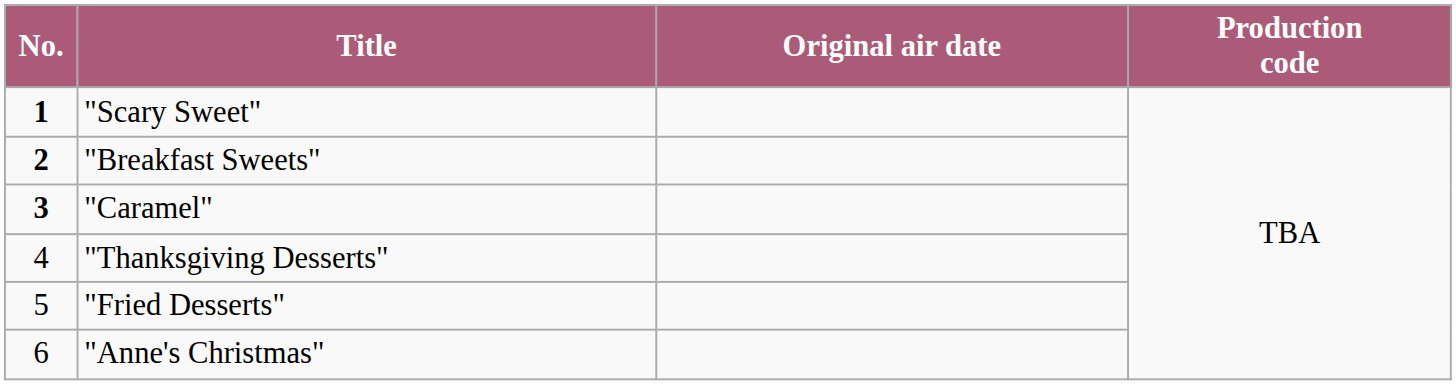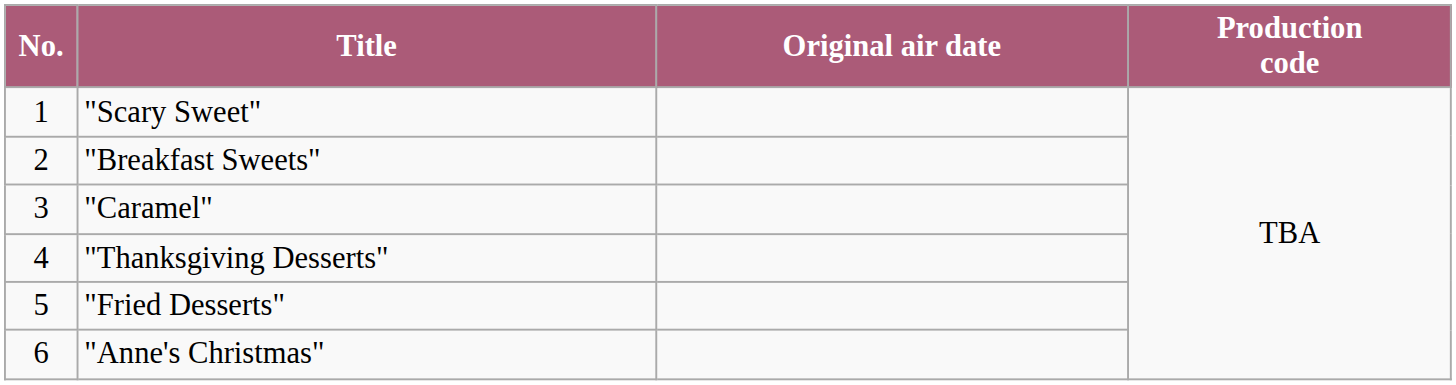 <table class="wikitable plainrowheaders" style="width:60%;">
 <tr>
 <th style="background-color: #ab5b78; color: #FFFFFF;" width=5%>No.</th>
 <th style="background-color: #ab5b78; color: #FFFFFF;" width=40%>Title</th>
 <th style="background-color: #ab5b78; color: #FFFFFF;">Original air date</th>
 <th style="background-color: #ab5b78; color: #FFFFFF;">Production<br>code</th>
 </tr>
 <tr>
-<td align=center><strong>1</strong></td>
+<td align=center>1</td>
 <td>"Scary Sweet"</td>
 <td align=center></td>
 <td align=center rowspan=6>TBA</td>
 </tr>
 <tr>
-<td align=center><strong>2</strong></td>
+<td align=center>2</td>
 <td>"Breakfast Sweets"</td>
 <td align=center></td>
 </tr>
 <tr>
-<td align=center><strong>3</strong></td>
+<td align=center>3</td>
 <td>"Caramel"</td>
 <td align=center></td>
 </tr>
 <tr>
 <td align=center>4</td>
 <td>"Thanksgiving Desserts"</td>
 <td align=center></td>
 </tr>
 <tr>
 <td align=center>5</td>
 <td>"Fried Desserts"</td>
 <td align=center></td>
 </tr>
 <tr>
 <td align=center>6</td>
 <td>"Anne's Christmas"</td>
 <td align=center></td>
 </tr>
 </table>
